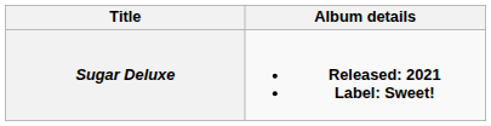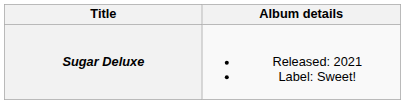 <table class="wikitable plainrowheaders" style="text-align:center;">
 <tr>
 <th rowspan="1" scope="col" style="width:15em;">Title</th>
 <th rowspan="1" scope="col" style="width:15em;">Album details</th>
 </tr>
 <tr>
 <th scope="row"><em>Sugar Deluxe</em></th>
-<td><strong><br><ul><li>Released: 2021</li><li>Label: Sweet!</li></ul></strong></td>
+<td><br><ul><li>Released: 2021</li><li>Label: Sweet!</li></ul></td>
 </tr>
 </table>
